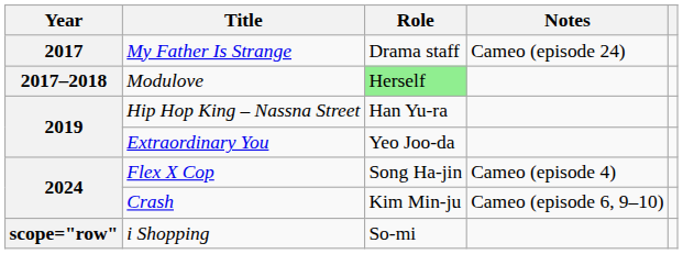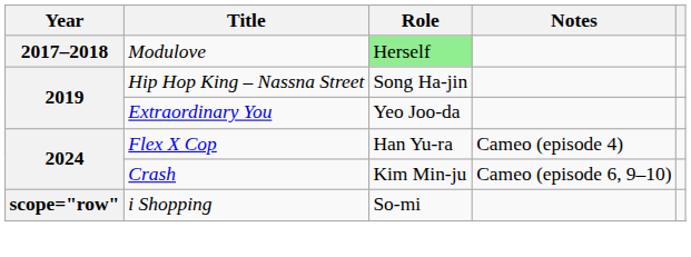 <table class="wikitable plainrowheaders">
 <tr>
 <th scope="col">Year</th>
 <th scope="col">Title</th>
 <th scope="col">Role</th>
 <th scope="col">Notes</th>
 <th scope="col"></th>
-</tr>
-<tr>
-<th scope="row">2017</th>
-<td><em><a href='#'>My Father Is Strange</a></em></td>
-<td>Drama staff</td>
-<td>Cameo (episode 24)</td>
-<td style="text-align:center"></td>
 </tr>
 <tr>
 <th scope="row">2017–2018</th>
 <td><em>Modulove</em></td>
 <td style="background: lightgreen;">Herself</td>
 <td></td>
 <td style="text-align:center"></td>
 </tr>
 <tr>
 <th scope="row" rowspan="2">2019</th>
 <td><em>Hip Hop King – Nassna Street</em></td>
-<td>Han Yu-ra</td>
+<td>Song Ha-jin</td>
 <td></td>
 <td style="text-align:center"></td>
 </tr>
 <tr>
 <td><em><a href='#'>Extraordinary You</a></em></td>
 <td>Yeo Joo-da</td>
 <td></td>
 <td style="text-align:center"></td>
 </tr>
 <tr>
 <th scope="row" rowspan="2">2024</th>
 <td><em><a href='#'>Flex X Cop</a></em></td>
-<td>Song Ha-jin</td>
+<td>Han Yu-ra</td>
 <td>Cameo (episode 4)</td>
 <td style="text-align:center"></td>
 </tr>
 <tr>
 <td><em><a href='#'>Crash</a></em></td>
 <td>Kim Min-ju</td>
 <td>Cameo (episode 6, 9–10)</td>
 <td style="text-align:center"></td>
 </tr>
 <tr>
 <th>scope="row" </th>
 <td><em>i Shopping</em></td>
 <td>So-mi</td>
 <td></td>
 <td style="text-align:center"></td>
 </tr>
 </table>
